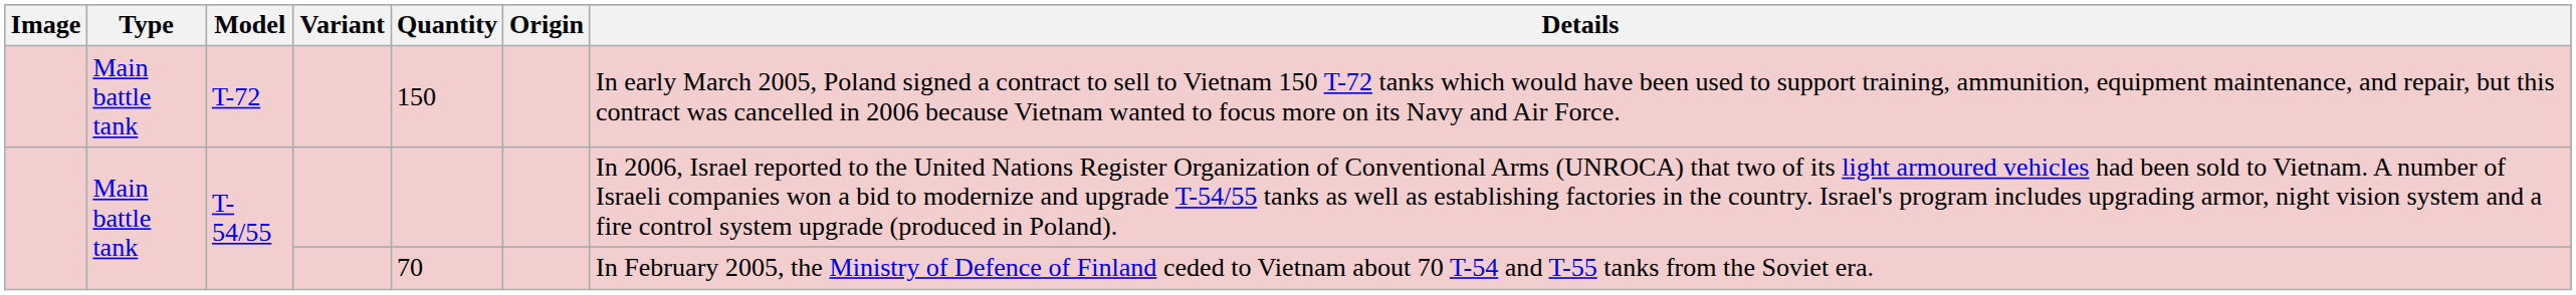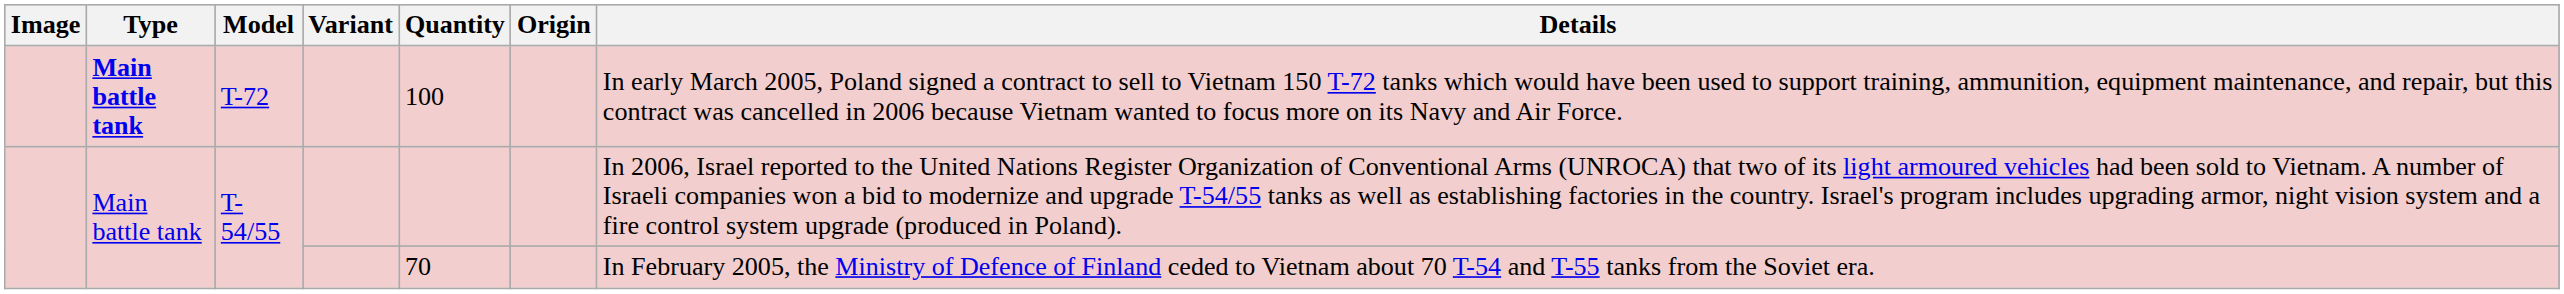 <table class="wikitable">
 <tr>
 <th>Image</th>
 <th>Type</th>
 <th>Model</th>
 <th>Variant</th>
 <th>Quantity</th>
 <th>Origin</th>
 <th>Details</th>
 </tr>
 <tr>
 <td style="background: #F2CECE"></td>
-<td style="background: #F2CECE"><a href='#'>Main battle tank</a></td>
+<td style="background: #F2CECE"><strong><a href='#'>Main battle tank</a></strong></td>
 <td style="background: #F2CECE"><a href='#'>T-72</a></td>
 <td style="background: #F2CECE"></td>
-<td style="background: #F2CECE">150</td>
+<td style="background: #F2CECE">100</td>
 <td style="background: #F2CECE"><br></td>
 <td style="background: #F2CECE">In early March 2005, Poland signed a contract to sell to Vietnam 150 <a href='#'>T-72</a> tanks which would have been used to support training, ammunition, equipment maintenance, and repair, but this contract was cancelled in 2006 because Vietnam wanted to focus more on its Navy and Air Force.</td>
 </tr>
 <tr>
 <td rowspan="2" style="background: #F2CECE"><br></td>
 <td rowspan="2" style="background: #F2CECE "><a href='#'>Main battle tank</a></td>
 <td rowspan="2" style="background: #F2CECE "><a href='#'>T-54/55</a></td>
 <td style="background: #F2CECE"></td>
 <td style="background: #F2CECE"></td>
 <td style="background: #F2CECE"><br></td>
 <td style="background: #F2CECE">In 2006, Israel reported to the United Nations Register Organization of Conventional Arms (UNROCA) that two of its <a href='#'>light armoured vehicles</a> had been sold to Vietnam. A number of Israeli companies won a bid to modernize and upgrade <a href='#'>T-54/55</a> tanks as well as establishing factories in the country. Israel's program includes upgrading armor, night vision system and a fire control system upgrade (produced in Poland).</td>
 </tr>
 <tr>
 <td style="background: #F2CECE"></td>
 <td style="background: #F2CECE">70</td>
 <td style="background: #F2CECE"><br></td>
 <td style="background: #F2CECE">In February 2005, the <a href='#'>Ministry of Defence of Finland</a> ceded to Vietnam about 70 <a href='#'>T-54</a> and <a href='#'>T-55</a> tanks from the Soviet era.</td>
 </tr>
 </table>
